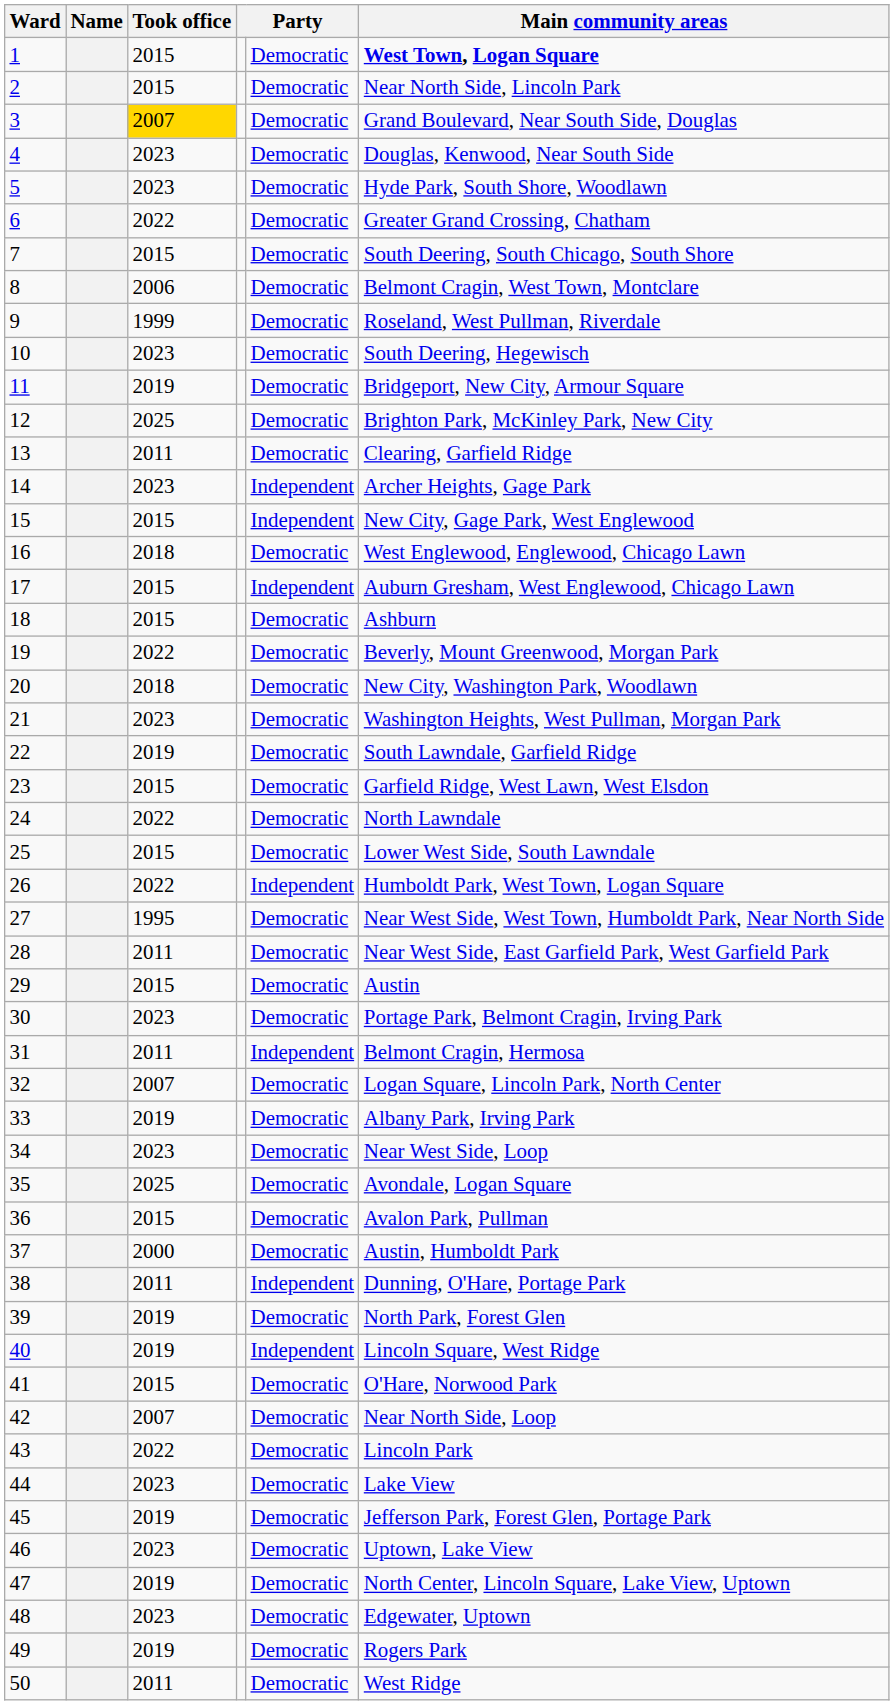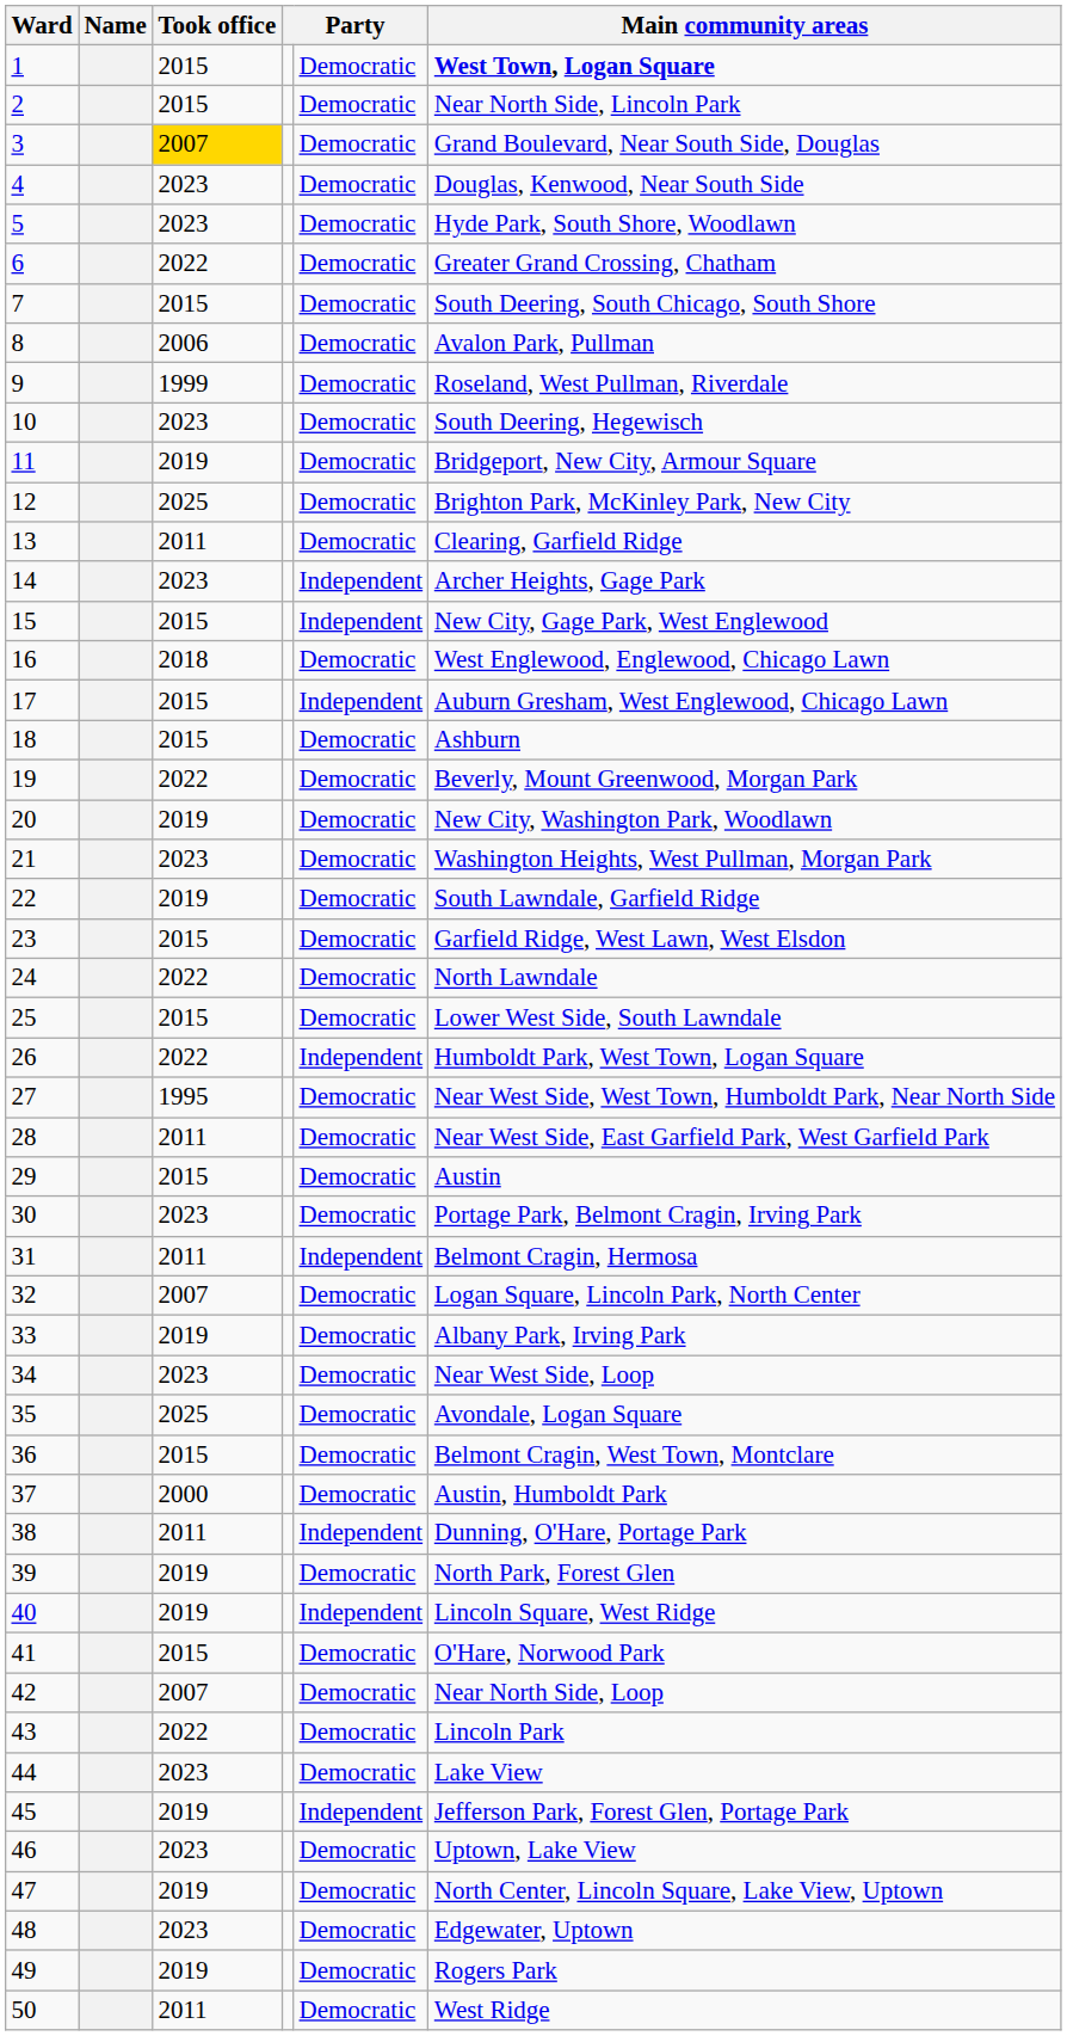 <table class="wikitable sortable plainrowheaders mw-collapsible">
 <tr>
 <th scope="col">Ward</th>
 <th scope="col">Name</th>
 <th scope="col">Took office</th>
 <th scope="col" colspan="2">Party</th>
 <th scope="col">Main <a href='#'>community areas</a></th>
 </tr>
 <tr>
 <td><a href='#'>1</a></td>
 <th scope="row"></th>
 <td>2015</td>
 <td style="background-color:"></td>
 <td><a href='#'>Democratic</a></td>
 <td><strong><a href='#'>West Town</a>, <a href='#'>Logan Square</a></strong></td>
 </tr>
 <tr>
 <td><a href='#'>2</a></td>
 <th scope="row"></th>
 <td>2015</td>
 <td style="background-color:"></td>
 <td><a href='#'>Democratic</a></td>
 <td><a href='#'>Near North Side</a>, <a href='#'>Lincoln Park</a></td>
 </tr>
 <tr>
 <td><a href='#'>3</a></td>
 <th scope="row"></th>
 <td style="background: gold;">2007</td>
 <td style="background-color:"></td>
 <td><a href='#'>Democratic</a></td>
 <td><a href='#'>Grand Boulevard</a>, <a href='#'>Near South Side</a>, <a href='#'>Douglas</a></td>
 </tr>
 <tr>
 <td><a href='#'>4</a></td>
 <th scope="row"></th>
 <td>2023</td>
 <td style="background-color:"></td>
 <td><a href='#'>Democratic</a></td>
 <td><a href='#'>Douglas</a>, <a href='#'>Kenwood</a>, <a href='#'>Near South Side</a></td>
 </tr>
 <tr>
 <td><a href='#'>5</a></td>
 <th scope="row"></th>
 <td>2023</td>
 <td style="background-color:"></td>
 <td><a href='#'>Democratic</a></td>
 <td><a href='#'>Hyde Park</a>, <a href='#'>South Shore</a>, <a href='#'>Woodlawn</a></td>
 </tr>
 <tr>
 <td><a href='#'>6</a></td>
 <th scope="row"></th>
 <td>2022</td>
 <td style="background-color:"></td>
 <td><a href='#'>Democratic</a></td>
 <td><a href='#'>Greater Grand Crossing</a>, <a href='#'>Chatham</a></td>
 </tr>
 <tr>
 <td>7</td>
 <th scope="row"></th>
 <td>2015</td>
 <td style="background-color:"></td>
 <td><a href='#'>Democratic</a></td>
 <td><a href='#'>South Deering</a>, <a href='#'>South Chicago</a>, <a href='#'>South Shore</a></td>
 </tr>
 <tr>
 <td>8</td>
 <th scope="row"></th>
 <td>2006</td>
 <td style="background-color:"></td>
 <td><a href='#'>Democratic</a></td>
-<td><a href='#'>Belmont Cragin</a>, <a href='#'>West Town</a>, <a href='#'>Montclare</a></td>
+<td><a href='#'>Avalon Park</a>, <a href='#'>Pullman</a></td>
 </tr>
 <tr>
 <td>9</td>
 <th scope="row"></th>
 <td>1999</td>
 <td style="background-color:"></td>
 <td><a href='#'>Democratic</a></td>
 <td><a href='#'>Roseland</a>, <a href='#'>West Pullman</a>, <a href='#'>Riverdale</a></td>
 </tr>
 <tr>
 <td>10</td>
 <th scope="row"></th>
 <td>2023</td>
 <td style="background-color:"></td>
 <td><a href='#'>Democratic</a></td>
 <td><a href='#'>South Deering</a>, <a href='#'>Hegewisch</a></td>
 </tr>
 <tr>
 <td><a href='#'>11</a></td>
 <th scope="row"></th>
 <td>2019</td>
 <td style="background-color:"></td>
 <td><a href='#'>Democratic</a></td>
 <td><a href='#'>Bridgeport</a>, <a href='#'>New City</a>, <a href='#'>Armour Square</a></td>
 </tr>
 <tr>
 <td>12</td>
 <th scope="row"></th>
 <td>2025</td>
 <td style="background-color:"></td>
 <td><a href='#'>Democratic</a></td>
 <td><a href='#'>Brighton Park</a>, <a href='#'>McKinley Park</a>, <a href='#'>New City</a></td>
 </tr>
 <tr>
 <td>13</td>
 <th scope="row"></th>
 <td>2011</td>
 <td style="background-color:"></td>
 <td><a href='#'>Democratic</a></td>
 <td><a href='#'>Clearing</a>, <a href='#'>Garfield Ridge</a></td>
 </tr>
 <tr>
 <td>14</td>
 <th scope="row"></th>
 <td>2023</td>
 <td style="background-color:"></td>
 <td><a href='#'>Independent</a></td>
 <td><a href='#'>Archer Heights</a>, <a href='#'>Gage Park</a></td>
 </tr>
 <tr>
 <td>15</td>
 <th scope="row"></th>
 <td>2015</td>
 <td style="background-color:"></td>
 <td><a href='#'>Independent</a></td>
 <td><a href='#'>New City</a>, <a href='#'>Gage Park</a>, <a href='#'>West Englewood</a></td>
 </tr>
 <tr>
 <td>16</td>
 <th scope="row"></th>
 <td>2018</td>
 <td style="background-color:"></td>
 <td><a href='#'>Democratic</a></td>
 <td><a href='#'>West Englewood</a>, <a href='#'>Englewood</a>, <a href='#'>Chicago Lawn</a></td>
 </tr>
 <tr>
 <td>17</td>
 <th scope="row"></th>
 <td>2015</td>
 <td style="background-color:"></td>
 <td><a href='#'>Independent</a></td>
 <td><a href='#'>Auburn Gresham</a>, <a href='#'>West Englewood</a>, <a href='#'>Chicago Lawn</a></td>
 </tr>
 <tr>
 <td>18</td>
 <th scope="row"></th>
 <td>2015</td>
 <td style="background-color:"></td>
 <td><a href='#'>Democratic</a></td>
 <td><a href='#'>Ashburn</a></td>
 </tr>
 <tr>
 <td>19</td>
 <th scope="row"></th>
 <td>2022</td>
 <td style="background-color:"></td>
 <td><a href='#'>Democratic</a></td>
 <td><a href='#'>Beverly</a>, <a href='#'>Mount Greenwood</a>, <a href='#'>Morgan Park</a></td>
 </tr>
 <tr>
 <td>20</td>
 <th scope="row"></th>
-<td>2018</td>
+<td>2019</td>
 <td style="background-color:"></td>
 <td><a href='#'>Democratic</a></td>
 <td><a href='#'>New City</a>, <a href='#'>Washington Park</a>, <a href='#'>Woodlawn</a></td>
 </tr>
 <tr>
 <td>21</td>
 <th scope="row"></th>
 <td>2023</td>
 <td style="background-color:"></td>
 <td><a href='#'>Democratic</a></td>
 <td><a href='#'>Washington Heights</a>, <a href='#'>West Pullman</a>, <a href='#'>Morgan Park</a></td>
 </tr>
 <tr>
 <td>22</td>
 <th scope="row"></th>
 <td>2019</td>
 <td style="background-color:"></td>
 <td><a href='#'>Democratic</a></td>
 <td><a href='#'>South Lawndale</a>, <a href='#'>Garfield Ridge</a></td>
 </tr>
 <tr>
 <td>23</td>
 <th scope="row"></th>
 <td>2015</td>
 <td style="background-color:"></td>
 <td><a href='#'>Democratic</a></td>
 <td><a href='#'>Garfield Ridge</a>, <a href='#'>West Lawn</a>, <a href='#'>West Elsdon</a></td>
 </tr>
 <tr>
 <td>24</td>
 <th scope="row"></th>
 <td>2022</td>
 <td style="background-color:"></td>
 <td><a href='#'>Democratic</a></td>
 <td><a href='#'>North Lawndale</a></td>
 </tr>
 <tr>
 <td>25</td>
 <th scope="row"></th>
 <td>2015</td>
 <td style="background-color:"></td>
 <td><a href='#'>Democratic</a></td>
 <td><a href='#'>Lower West Side</a>, <a href='#'>South Lawndale</a></td>
 </tr>
 <tr>
 <td>26</td>
 <th scope="row"></th>
 <td>2022</td>
 <td style="background-color:"></td>
 <td><a href='#'>Independent</a></td>
 <td><a href='#'>Humboldt Park</a>, <a href='#'>West Town</a>, <a href='#'>Logan Square</a></td>
 </tr>
 <tr>
 <td>27</td>
 <th scope="row"></th>
 <td>1995</td>
 <td style="background-color:"></td>
 <td><a href='#'>Democratic</a></td>
 <td><a href='#'>Near West Side</a>, <a href='#'>West Town</a>, <a href='#'>Humboldt Park</a>, <a href='#'>Near North Side</a></td>
 </tr>
 <tr>
 <td>28</td>
 <th scope="row"></th>
 <td>2011</td>
 <td style="background-color:"></td>
 <td><a href='#'>Democratic</a></td>
 <td><a href='#'>Near West Side</a>, <a href='#'>East Garfield Park</a>, <a href='#'>West Garfield Park</a></td>
 </tr>
 <tr>
 <td>29</td>
 <th scope="row"></th>
 <td>2015</td>
 <td style="background-color:"></td>
 <td><a href='#'>Democratic</a></td>
 <td><a href='#'>Austin</a></td>
 </tr>
 <tr>
 <td>30</td>
 <th scope="row"></th>
 <td>2023</td>
 <td style="background-color:"></td>
 <td><a href='#'>Democratic</a></td>
 <td><a href='#'>Portage Park</a>, <a href='#'>Belmont Cragin</a>, <a href='#'>Irving Park</a></td>
 </tr>
 <tr>
 <td>31</td>
 <th scope="row"></th>
 <td>2011</td>
 <td style="background-color:"></td>
 <td><a href='#'>Independent</a></td>
 <td><a href='#'>Belmont Cragin</a>, <a href='#'>Hermosa</a></td>
 </tr>
 <tr>
 <td>32</td>
 <th scope="row"></th>
 <td>2007</td>
 <td style="background-color:"></td>
 <td><a href='#'>Democratic</a></td>
 <td><a href='#'>Logan Square</a>, <a href='#'>Lincoln Park</a>, <a href='#'>North Center</a></td>
 </tr>
 <tr>
 <td>33</td>
 <th scope="row"></th>
 <td>2019</td>
 <td style="background-color:"></td>
 <td><a href='#'>Democratic</a></td>
 <td><a href='#'>Albany Park</a>, <a href='#'>Irving Park</a></td>
 </tr>
 <tr>
 <td>34</td>
 <th scope="row"></th>
 <td>2023</td>
 <td style="background-color:"></td>
 <td><a href='#'>Democratic</a></td>
 <td><a href='#'>Near West Side</a>, <a href='#'>Loop</a></td>
 </tr>
 <tr>
 <td>35</td>
 <th scope="row"></th>
 <td>2025</td>
 <td style="background-color:"></td>
 <td><a href='#'>Democratic</a></td>
 <td><a href='#'>Avondale</a>, <a href='#'>Logan Square</a></td>
 </tr>
 <tr>
 <td>36</td>
 <th scope="row"></th>
 <td>2015</td>
 <td style="background-color:"></td>
 <td><a href='#'>Democratic</a></td>
-<td><a href='#'>Avalon Park</a>, <a href='#'>Pullman</a></td>
+<td><a href='#'>Belmont Cragin</a>, <a href='#'>West Town</a>, <a href='#'>Montclare</a></td>
 </tr>
 <tr>
 <td>37</td>
 <th scope="row"></th>
 <td>2000</td>
 <td style="background-color:"></td>
 <td><a href='#'>Democratic</a></td>
 <td><a href='#'>Austin</a>, <a href='#'>Humboldt Park</a></td>
 </tr>
 <tr>
 <td>38</td>
 <th scope="row"></th>
 <td>2011</td>
 <td style="background-color:"></td>
 <td><a href='#'>Independent</a></td>
 <td><a href='#'>Dunning</a>, <a href='#'>O'Hare</a>, <a href='#'>Portage Park</a></td>
 </tr>
 <tr>
 <td>39</td>
 <th scope="row"></th>
 <td>2019</td>
 <td style="background-color:"></td>
 <td><a href='#'>Democratic</a></td>
 <td><a href='#'>North Park</a>, <a href='#'>Forest Glen</a></td>
 </tr>
 <tr>
 <td><a href='#'>40</a></td>
 <th scope="row"></th>
 <td>2019</td>
 <td style="background-color:"></td>
 <td><a href='#'>Independent</a></td>
 <td><a href='#'>Lincoln Square</a>, <a href='#'>West Ridge</a></td>
 </tr>
 <tr>
 <td>41</td>
 <th scope="row"></th>
 <td>2015</td>
 <td style="background-color:"></td>
 <td><a href='#'>Democratic</a></td>
 <td><a href='#'>O'Hare</a>, <a href='#'>Norwood Park</a></td>
 </tr>
 <tr>
 <td>42</td>
 <th scope="row"></th>
 <td>2007</td>
 <td style="background-color:"></td>
 <td><a href='#'>Democratic</a></td>
 <td><a href='#'>Near North Side</a>, <a href='#'>Loop</a></td>
 </tr>
 <tr>
 <td>43</td>
 <th scope="row"></th>
 <td>2022</td>
 <td style="background-color:"></td>
 <td><a href='#'>Democratic</a></td>
 <td><a href='#'>Lincoln Park</a></td>
 </tr>
 <tr>
 <td>44</td>
 <th scope="row"></th>
 <td>2023</td>
 <td style="background-color:"></td>
 <td><a href='#'>Democratic</a></td>
 <td><a href='#'>Lake View</a></td>
 </tr>
 <tr>
 <td>45</td>
 <th scope="row"></th>
 <td>2019</td>
 <td style="background-color:"></td>
-<td><a href='#'>Democratic</a></td>
+<td><a href='#'>Independent</a></td>
 <td><a href='#'>Jefferson Park</a>, <a href='#'>Forest Glen</a>, <a href='#'>Portage Park</a></td>
 </tr>
 <tr>
 <td>46</td>
 <th scope="row"></th>
 <td>2023</td>
 <td style="background-color:"></td>
 <td><a href='#'>Democratic</a></td>
 <td><a href='#'>Uptown</a>, <a href='#'>Lake View</a></td>
 </tr>
 <tr>
 <td>47</td>
 <th scope="row"></th>
 <td>2019</td>
 <td style="background-color:"></td>
 <td><a href='#'>Democratic</a></td>
 <td><a href='#'>North Center</a>, <a href='#'>Lincoln Square</a>, <a href='#'>Lake View</a>, <a href='#'>Uptown</a></td>
 </tr>
 <tr>
 <td>48</td>
 <th scope="row"></th>
 <td>2023</td>
 <td style="background-color:"></td>
 <td><a href='#'>Democratic</a></td>
 <td><a href='#'>Edgewater</a>, <a href='#'>Uptown</a></td>
 </tr>
 <tr>
 <td>49</td>
 <th scope="row"></th>
 <td>2019</td>
 <td style="background-color:"></td>
 <td><a href='#'>Democratic</a></td>
 <td><a href='#'>Rogers Park</a></td>
 </tr>
 <tr>
 <td>50</td>
 <th scope="row"></th>
 <td>2011</td>
 <td style="background-color:"></td>
 <td><a href='#'>Democratic</a></td>
 <td><a href='#'>West Ridge</a></td>
 </tr>
 </table>
